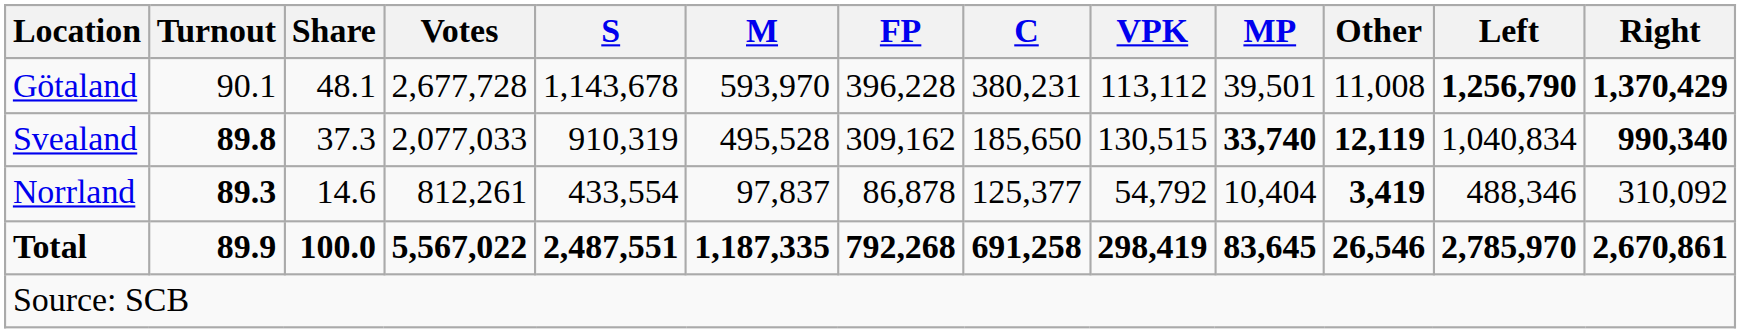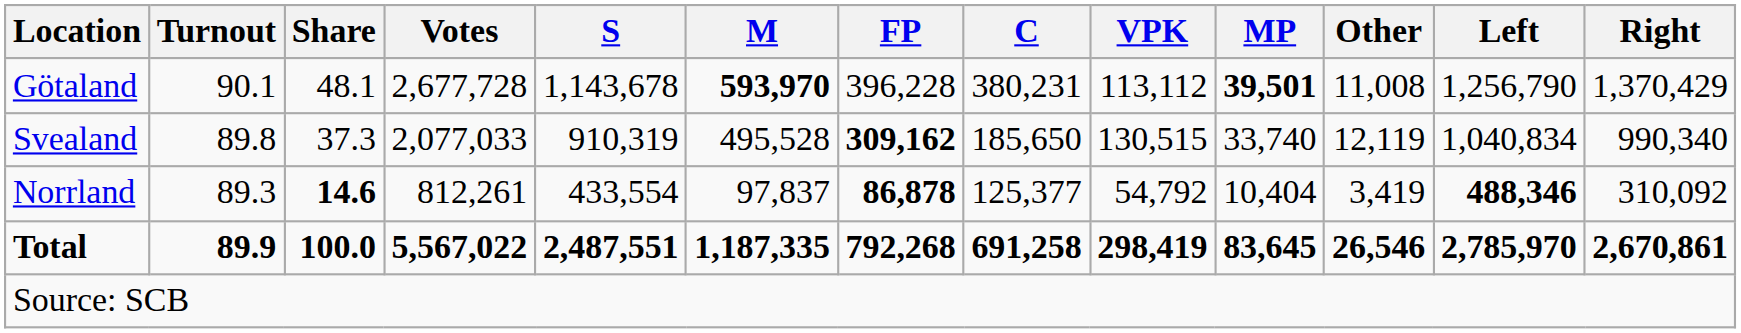 <table class="wikitable sortable" style=text-align:right>
 <tr>
 <th>Location</th>
 <th>Turnout</th>
 <th>Share</th>
 <th>Votes</th>
 <th><a href='#'>S</a></th>
 <th><a href='#'>M</a></th>
 <th><a href='#'>FP</a></th>
 <th><a href='#'>C</a></th>
 <th><a href='#'>VPK</a></th>
 <th><a href='#'>MP</a></th>
 <th>Other</th>
 <th>Left</th>
 <th>Right</th>
 </tr>
 <tr>
 <td align=left><a href='#'>Götaland</a></td>
 <td>90.1</td>
 <td>48.1</td>
 <td>2,677,728</td>
 <td>1,143,678</td>
-<td>593,970</td>
+<td><strong>593,970</strong></td>
 <td>396,228</td>
 <td>380,231</td>
 <td>113,112</td>
-<td>39,501</td>
+<td><strong>39,501</strong></td>
 <td>11,008</td>
-<td><strong>1,256,790</strong></td>
-<td><strong>1,370,429</strong></td>
+<td>1,256,790</td>
+<td>1,370,429</td>
 </tr>
 <tr>
 <td align=left><a href='#'>Svealand</a></td>
-<td><strong>89.8</strong></td>
+<td>89.8</td>
 <td>37.3</td>
 <td>2,077,033</td>
 <td>910,319</td>
 <td>495,528</td>
-<td>309,162</td>
+<td><strong>309,162</strong></td>
 <td>185,650</td>
 <td>130,515</td>
-<td><strong>33,740</strong></td>
-<td><strong>12,119</strong></td>
+<td>33,740</td>
+<td>12,119</td>
 <td>1,040,834</td>
-<td><strong>990,340</strong></td>
+<td>990,340</td>
 </tr>
 <tr>
 <td align=left><a href='#'>Norrland</a></td>
-<td><strong>89.3</strong></td>
-<td>14.6</td>
+<td>89.3</td>
+<td><strong>14.6</strong></td>
 <td>812,261</td>
 <td>433,554</td>
 <td>97,837</td>
-<td>86,878</td>
+<td><strong>86,878</strong></td>
 <td>125,377</td>
 <td>54,792</td>
 <td>10,404</td>
-<td><strong>3,419</strong></td>
-<td>488,346</td>
+<td>3,419</td>
+<td><strong>488,346</strong></td>
 <td>310,092</td>
 </tr>
 <tr>
 <td align=left><strong>Total</strong></td>
 <td><strong>89.9</strong></td>
 <td><strong>100.0</strong></td>
 <td><strong>5,567,022</strong></td>
 <td><strong>2,487,551</strong></td>
 <td><strong>1,187,335</strong></td>
 <td><strong>792,268</strong></td>
 <td><strong>691,258</strong></td>
 <td><strong>298,419</strong></td>
 <td><strong>83,645</strong></td>
 <td><strong>26,546</strong></td>
 <td><strong>2,785,970</strong></td>
 <td><strong>2,670,861</strong></td>
 </tr>
 <tr>
 <td align=left colspan=13>Source: SCB </td>
 </tr>
 </table>
